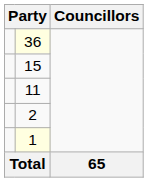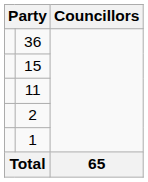 <table class="wikitable">
 <tr>
 <th colspan=2>Party</th>
 <th>Councillors</th>
 </tr>
 <tr>
 <td></td>
-<td align=center style="background: lightyellow;">36</td>
+<td align=center>36</td>
 </tr>
 <tr>
 <td></td>
 <td align=center>15</td>
 </tr>
 <tr>
 <td></td>
 <td align=center>11</td>
 </tr>
 <tr>
 <td></td>
 <td align=center>2</td>
 </tr>
 <tr>
 <td></td>
-<td align=center style="background: lightyellow;">1</td>
+<td align=center>1</td>
 </tr>
 <tr>
 <th colspan=2>Total</th>
 <th align=center>65</th>
 </tr>
 </table>
